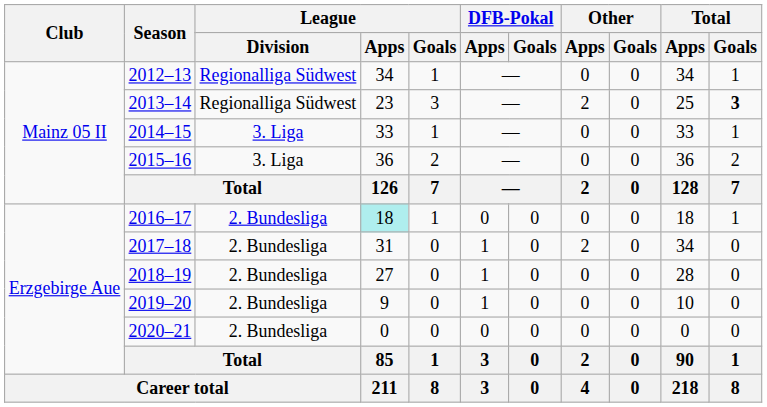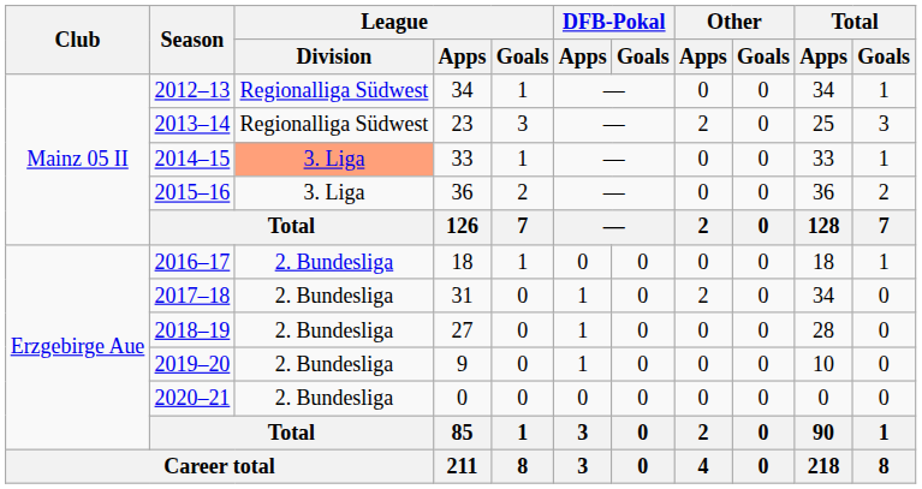 <table class="wikitable" style="text-align: center">
 <tr>
 <th rowspan="2">Club</th>
 <th rowspan="2">Season</th>
 <th colspan="3">League</th>
 <th colspan="2"><a href='#'>DFB-Pokal</a></th>
 <th colspan="2">Other</th>
 <th colspan="2">Total</th>
 </tr>
 <tr>
 <th>Division</th>
 <th>Apps</th>
 <th>Goals</th>
 <th>Apps</th>
 <th>Goals</th>
 <th>Apps</th>
 <th>Goals</th>
 <th>Apps</th>
 <th>Goals</th>
 </tr>
 <tr>
 <td rowspan="5"><a href='#'>Mainz 05 II</a></td>
 <td><a href='#'>2012–13</a></td>
 <td><a href='#'>Regionalliga Südwest</a></td>
 <td>34</td>
 <td>1</td>
 <td colspan="2">—</td>
 <td>0</td>
 <td>0</td>
 <td>34</td>
 <td>1</td>
 </tr>
 <tr>
 <td><a href='#'>2013–14</a></td>
 <td>Regionalliga Südwest</td>
 <td>23</td>
 <td>3</td>
 <td colspan="2">—</td>
 <td>2</td>
 <td>0</td>
 <td>25</td>
-<td><strong>3</strong></td>
+<td>3</td>
 </tr>
 <tr>
 <td><a href='#'>2014–15</a></td>
-<td><a href='#'>3. Liga</a></td>
+<td style="background: lightsalmon;"><a href='#'>3. Liga</a></td>
 <td>33</td>
 <td>1</td>
 <td colspan="2">—</td>
 <td>0</td>
 <td>0</td>
 <td>33</td>
 <td>1</td>
 </tr>
 <tr>
 <td><a href='#'>2015–16</a></td>
 <td>3. Liga</td>
 <td>36</td>
 <td>2</td>
 <td colspan="2">—</td>
 <td>0</td>
 <td>0</td>
 <td>36</td>
 <td>2</td>
 </tr>
 <tr>
 <th colspan="2">Total</th>
 <th>126</th>
 <th>7</th>
 <th colspan="2">—</th>
 <th>2</th>
 <th>0</th>
 <th>128</th>
 <th>7</th>
 </tr>
 <tr>
 <td rowspan="6"><a href='#'>Erzgebirge Aue</a></td>
 <td><a href='#'>2016–17</a></td>
 <td><a href='#'>2. Bundesliga</a></td>
-<td style="background: paleturquoise;">18</td>
+<td>18</td>
 <td>1</td>
 <td>0</td>
 <td>0</td>
 <td>0</td>
 <td>0</td>
 <td>18</td>
 <td>1</td>
 </tr>
 <tr>
 <td><a href='#'>2017–18</a></td>
 <td>2. Bundesliga</td>
 <td>31</td>
 <td>0</td>
 <td>1</td>
 <td>0</td>
 <td>2</td>
 <td>0</td>
 <td>34</td>
 <td>0</td>
 </tr>
 <tr>
 <td><a href='#'>2018–19</a></td>
 <td>2. Bundesliga</td>
 <td>27</td>
 <td>0</td>
 <td>1</td>
 <td>0</td>
 <td>0</td>
 <td>0</td>
 <td>28</td>
 <td>0</td>
 </tr>
 <tr>
 <td><a href='#'>2019–20</a></td>
 <td>2. Bundesliga</td>
 <td>9</td>
 <td>0</td>
 <td>1</td>
 <td>0</td>
 <td>0</td>
 <td>0</td>
 <td>10</td>
 <td>0</td>
 </tr>
 <tr>
 <td><a href='#'>2020–21</a></td>
 <td>2. Bundesliga</td>
 <td>0</td>
 <td>0</td>
 <td>0</td>
 <td>0</td>
 <td>0</td>
 <td>0</td>
 <td>0</td>
 <td>0</td>
 </tr>
 <tr>
 <th colspan="2">Total</th>
 <th>85</th>
 <th>1</th>
 <th>3</th>
 <th>0</th>
 <th>2</th>
 <th>0</th>
 <th>90</th>
 <th>1</th>
 </tr>
 <tr>
 <th colspan="3">Career total</th>
 <th>211</th>
 <th>8</th>
 <th>3</th>
 <th>0</th>
 <th>4</th>
 <th>0</th>
 <th>218</th>
 <th>8</th>
 </tr>
 </table>
